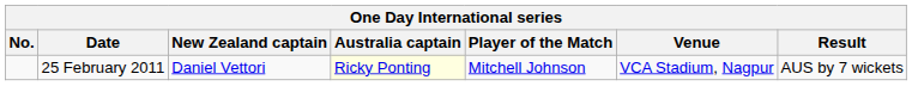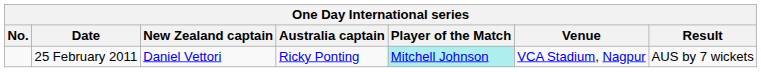 <table class="wikitable">
 <tr>
 <th colspan="7">One Day International series</th>
 </tr>
 <tr>
 <th>No.</th>
 <th>Date</th>
 <th>New Zealand captain</th>
 <th>Australia captain</th>
 <th>Player of the Match</th>
 <th>Venue</th>
 <th>Result</th>
 </tr>
 <tr>
 <td></td>
 <td>25 February 2011</td>
 <td><a href='#'>Daniel Vettori</a></td>
-<td style="background: lightyellow;"><a href='#'>Ricky Ponting</a></td>
-<td><a href='#'>Mitchell Johnson</a></td>
+<td><a href='#'>Ricky Ponting</a></td>
+<td style="background: paleturquoise;"><a href='#'>Mitchell Johnson</a></td>
 <td><a href='#'>VCA Stadium</a>, <a href='#'>Nagpur</a></td>
 <td>AUS by 7 wickets</td>
 </tr>
 </table>
